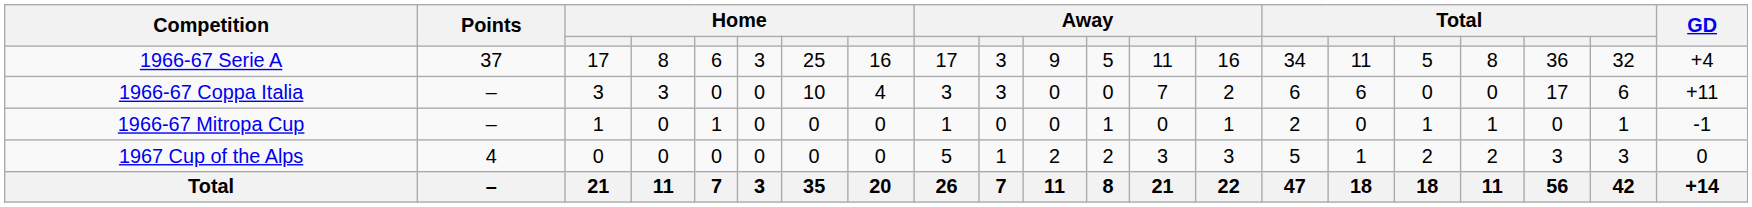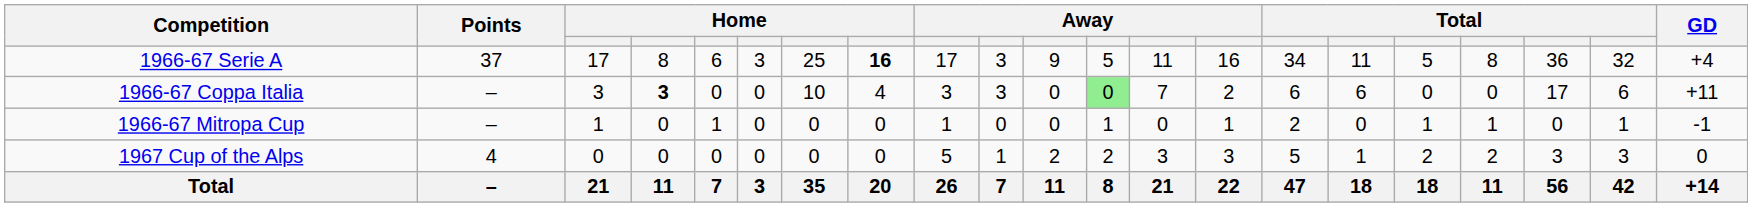 <table class="wikitable" style="font-size:90%;width:100%;margin:auto;clear:both;text-align:center;">
 <tr>
 <th rowspan="2">Competition</th>
 <th rowspan="2">Points</th>
 <th colspan="6">Home</th>
 <th colspan="6">Away</th>
 <th colspan="6">Total</th>
 <th rowspan="2"><a href='#'>GD</a></th>
 </tr>
 <tr>
 <th></th>
 <th></th>
 <th></th>
 <th></th>
 <th></th>
 <th></th>
 <th></th>
 <th></th>
 <th></th>
 <th></th>
 <th></th>
 <th></th>
 <th></th>
 <th></th>
 <th></th>
 <th></th>
 <th></th>
 <th></th>
 </tr>
 <tr>
 <td><a href='#'>1966-67 Serie A</a></td>
 <td>37</td>
 <td>17</td>
 <td>8</td>
 <td>6</td>
 <td>3</td>
 <td>25</td>
-<td>16</td>
+<td><strong>16</strong></td>
 <td>17</td>
 <td>3</td>
 <td>9</td>
 <td>5</td>
 <td>11</td>
 <td>16</td>
 <td>34</td>
 <td>11</td>
 <td>5</td>
 <td>8</td>
 <td>36</td>
 <td>32</td>
 <td>+4</td>
 </tr>
 <tr>
 <td><a href='#'>1966-67 Coppa Italia</a></td>
 <td>–</td>
 <td>3</td>
-<td>3</td>
+<td><strong>3</strong></td>
 <td>0</td>
 <td>0</td>
 <td>10</td>
 <td>4</td>
 <td>3</td>
 <td>3</td>
 <td>0</td>
-<td>0</td>
+<td style="background: lightgreen;">0</td>
 <td>7</td>
 <td>2</td>
 <td>6</td>
 <td>6</td>
 <td>0</td>
 <td>0</td>
 <td>17</td>
 <td>6</td>
 <td>+11</td>
 </tr>
 <tr>
 <td><a href='#'>1966-67 Mitropa Cup</a></td>
 <td>–</td>
 <td>1</td>
 <td>0</td>
 <td>1</td>
 <td>0</td>
 <td>0</td>
 <td>0</td>
 <td>1</td>
 <td>0</td>
 <td>0</td>
 <td>1</td>
 <td>0</td>
 <td>1</td>
 <td>2</td>
 <td>0</td>
 <td>1</td>
 <td>1</td>
 <td>0</td>
 <td>1</td>
 <td>-1</td>
 </tr>
 <tr>
 <td><a href='#'>1967 Cup of the Alps</a></td>
 <td>4</td>
 <td>0</td>
 <td>0</td>
 <td>0</td>
 <td>0</td>
 <td>0</td>
 <td>0</td>
 <td>5</td>
 <td>1</td>
 <td>2</td>
 <td>2</td>
 <td>3</td>
 <td>3</td>
 <td>5</td>
 <td>1</td>
 <td>2</td>
 <td>2</td>
 <td>3</td>
 <td>3</td>
 <td>0</td>
 </tr>
 <tr>
 <th>Total</th>
 <th>–</th>
 <th>21</th>
 <th>11</th>
 <th>7</th>
 <th>3</th>
 <th>35</th>
 <th>20</th>
 <th>26</th>
 <th>7</th>
 <th>11</th>
 <th>8</th>
 <th>21</th>
 <th>22</th>
 <th>47</th>
 <th>18</th>
 <th>18</th>
 <th>11</th>
 <th>56</th>
 <th>42</th>
 <th>+14</th>
 </tr>
 </table>
